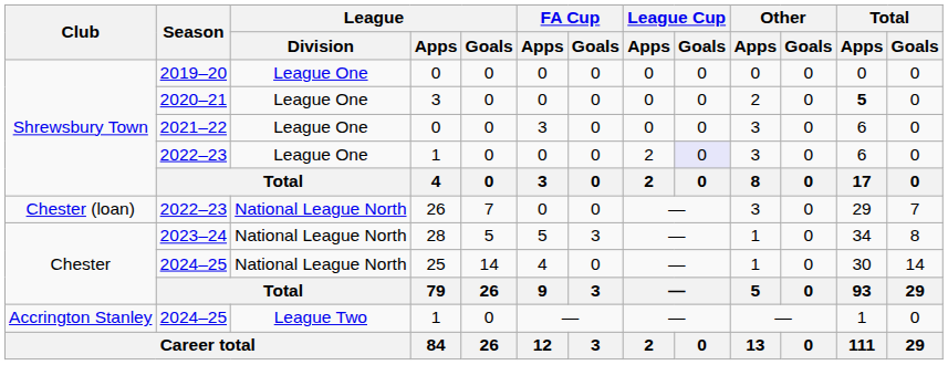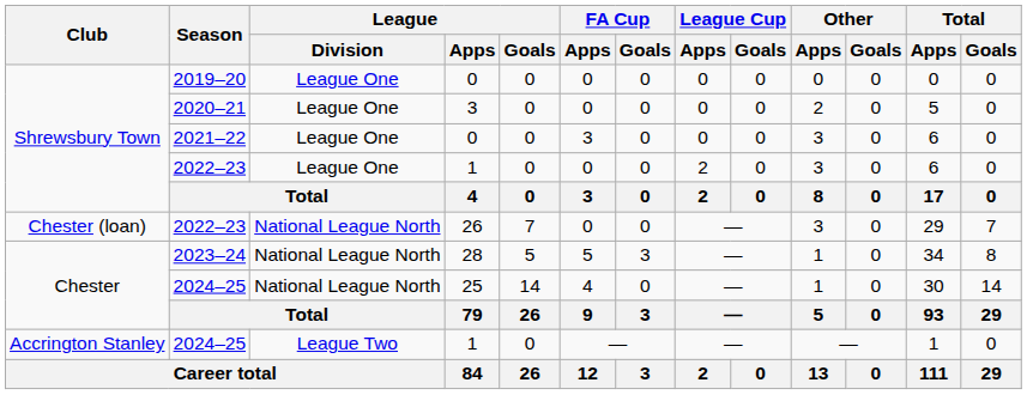 <table class="wikitable" style="text-align: center">
 <tr>
 <th rowspan="2">Club</th>
 <th rowspan="2">Season</th>
 <th colspan="3">League</th>
 <th colspan="2"><a href='#'>FA Cup</a></th>
 <th colspan="2"><a href='#'>League Cup</a></th>
 <th colspan="2">Other</th>
 <th colspan="2">Total</th>
 </tr>
 <tr>
 <th>Division</th>
 <th>Apps</th>
 <th>Goals</th>
 <th>Apps</th>
 <th>Goals</th>
 <th>Apps</th>
 <th>Goals</th>
 <th>Apps</th>
 <th>Goals</th>
 <th>Apps</th>
 <th>Goals</th>
 </tr>
 <tr>
 <td rowspan="5"><a href='#'>Shrewsbury Town</a></td>
 <td><a href='#'>2019–20</a></td>
 <td><a href='#'>League One</a></td>
 <td>0</td>
 <td>0</td>
 <td>0</td>
 <td>0</td>
 <td>0</td>
 <td>0</td>
 <td>0</td>
 <td>0</td>
 <td>0</td>
 <td>0</td>
 </tr>
 <tr>
 <td><a href='#'>2020–21</a></td>
 <td>League One</td>
 <td>3</td>
 <td>0</td>
 <td>0</td>
 <td>0</td>
 <td>0</td>
 <td>0</td>
 <td>2</td>
 <td>0</td>
-<td><strong>5</strong></td>
+<td>5</td>
 <td>0</td>
 </tr>
 <tr>
 <td><a href='#'>2021–22</a></td>
 <td>League One</td>
 <td>0</td>
 <td>0</td>
 <td>3</td>
 <td>0</td>
 <td>0</td>
 <td>0</td>
 <td>3</td>
 <td>0</td>
 <td>6</td>
 <td>0</td>
 </tr>
 <tr>
 <td><a href='#'>2022–23</a></td>
 <td>League One</td>
 <td>1</td>
 <td>0</td>
 <td>0</td>
 <td>0</td>
 <td>2</td>
-<td style="background: lavender;">0</td>
+<td>0</td>
 <td>3</td>
 <td>0</td>
 <td>6</td>
 <td>0</td>
 </tr>
 <tr>
 <th colspan="2">Total</th>
 <th>4</th>
 <th>0</th>
 <th>3</th>
 <th>0</th>
 <th>2</th>
 <th>0</th>
 <th>8</th>
 <th>0</th>
 <th>17</th>
 <th>0</th>
 </tr>
 <tr>
 <td><a href='#'>Chester</a> (loan)</td>
 <td><a href='#'>2022–23</a></td>
 <td><a href='#'>National League North</a></td>
 <td>26</td>
 <td>7</td>
 <td>0</td>
 <td>0</td>
 <td colspan="2">—</td>
 <td>3</td>
 <td>0</td>
 <td>29</td>
 <td>7</td>
 </tr>
 <tr>
 <td rowspan="3">Chester</td>
 <td><a href='#'>2023–24</a></td>
 <td>National League North</td>
 <td>28</td>
 <td>5</td>
 <td>5</td>
 <td>3</td>
 <td colspan="2">—</td>
 <td>1</td>
 <td>0</td>
 <td>34</td>
 <td>8</td>
 </tr>
 <tr>
 <td><a href='#'>2024–25</a></td>
 <td>National League North</td>
 <td>25</td>
 <td>14</td>
 <td>4</td>
 <td>0</td>
 <td colspan="2">—</td>
 <td>1</td>
 <td>0</td>
 <td>30</td>
 <td>14</td>
 </tr>
 <tr>
 <th colspan="2">Total</th>
 <th>79</th>
 <th>26</th>
 <th>9</th>
 <th>3</th>
 <th colspan="2">—</th>
 <th>5</th>
 <th>0</th>
 <th>93</th>
 <th>29</th>
 </tr>
 <tr>
 <td><a href='#'>Accrington Stanley</a></td>
 <td><a href='#'>2024–25</a></td>
 <td><a href='#'>League Two</a></td>
 <td>1</td>
 <td>0</td>
 <td colspan="2">—</td>
 <td colspan="2">—</td>
 <td colspan="2">—</td>
 <td>1</td>
 <td>0</td>
 </tr>
 <tr>
 <th colspan="3">Career total</th>
 <th>84</th>
 <th>26</th>
 <th>12</th>
 <th>3</th>
 <th>2</th>
 <th>0</th>
 <th>13</th>
 <th>0</th>
 <th>111</th>
 <th>29</th>
 </tr>
 </table>
